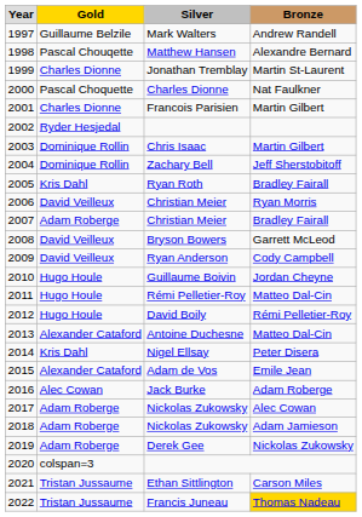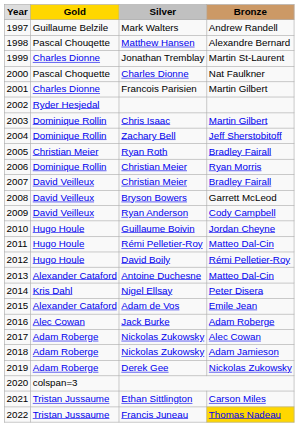 <table class="wikitable" style="text-align:left;">
 <tr>
 <td style="background:#DDDDDD; font-weight:bold; text-align:center;">Year</td>
 <td style="background:gold; font-weight:bold; text-align:center;">Gold</td>
 <td style="background:silver; font-weight:bold; text-align:center;">Silver</td>
 <td style="background:#cc9966; font-weight:bold; text-align:center;">Bronze</td>
 </tr>
 <tr>
 <td>1997</td>
 <td>Guillaume Belzile</td>
 <td>Mark Walters</td>
 <td>Andrew Randell</td>
 </tr>
 <tr>
 <td>1998</td>
 <td>Pascal Chouqette</td>
 <td><a href='#'>Matthew Hansen</a></td>
 <td>Alexandre Bernard</td>
 </tr>
 <tr>
 <td>1999</td>
 <td><a href='#'>Charles Dionne</a></td>
 <td>Jonathan Tremblay</td>
 <td>Martin St-Laurent</td>
 </tr>
 <tr>
 <td>2000</td>
 <td>Pascal Choquette</td>
 <td><a href='#'>Charles Dionne</a></td>
 <td>Nat Faulkner</td>
 </tr>
 <tr>
 <td>2001</td>
 <td><a href='#'>Charles Dionne</a></td>
 <td>Francois Parisien</td>
 <td>Martin Gilbert</td>
 </tr>
 <tr>
 <td>2002</td>
 <td><a href='#'>Ryder Hesjedal</a></td>
 <td></td>
 <td></td>
 </tr>
 <tr>
 <td>2003</td>
 <td><a href='#'>Dominique Rollin</a></td>
 <td><a href='#'>Chris Isaac</a></td>
 <td><a href='#'>Martin Gilbert</a></td>
 </tr>
 <tr>
 <td>2004</td>
 <td><a href='#'>Dominique Rollin</a></td>
 <td><a href='#'>Zachary Bell</a></td>
 <td><a href='#'>Jeff Sherstobitoff</a></td>
 </tr>
 <tr>
 <td>2005</td>
-<td><a href='#'>Kris Dahl</a></td>
+<td><a href='#'>Christian Meier</a></td>
 <td><a href='#'>Ryan Roth</a></td>
 <td><a href='#'>Bradley Fairall</a></td>
 </tr>
 <tr>
 <td>2006</td>
-<td><a href='#'>David Veilleux</a></td>
+<td><a href='#'>Dominique Rollin</a></td>
 <td><a href='#'>Christian Meier</a></td>
 <td><a href='#'>Ryan Morris</a></td>
 </tr>
 <tr>
 <td>2007</td>
-<td><a href='#'>Adam Roberge</a></td>
+<td><a href='#'>David Veilleux</a></td>
 <td><a href='#'>Christian Meier</a></td>
 <td><a href='#'>Bradley Fairall</a></td>
 </tr>
 <tr>
 <td>2008</td>
 <td><a href='#'>David Veilleux</a></td>
 <td><a href='#'>Bryson Bowers</a></td>
 <td>Garrett McLeod</td>
 </tr>
 <tr>
 <td>2009</td>
 <td><a href='#'>David Veilleux</a></td>
 <td><a href='#'>Ryan Anderson</a></td>
 <td><a href='#'>Cody Campbell</a></td>
 </tr>
 <tr>
 <td>2010</td>
 <td><a href='#'>Hugo Houle</a></td>
 <td><a href='#'>Guillaume Boivin</a></td>
 <td><a href='#'>Jordan Cheyne</a></td>
 </tr>
 <tr>
 <td>2011</td>
 <td><a href='#'>Hugo Houle</a></td>
 <td><a href='#'>Rémi Pelletier-Roy</a></td>
 <td><a href='#'>Matteo Dal-Cin</a></td>
 </tr>
 <tr>
 <td>2012</td>
 <td><a href='#'>Hugo Houle</a></td>
 <td><a href='#'>David Boily</a></td>
 <td><a href='#'>Rémi Pelletier-Roy</a></td>
 </tr>
 <tr>
 <td>2013</td>
 <td><a href='#'>Alexander Cataford</a></td>
 <td><a href='#'>Antoine Duchesne</a></td>
 <td><a href='#'>Matteo Dal-Cin</a></td>
 </tr>
 <tr>
 <td>2014</td>
 <td><a href='#'>Kris Dahl</a></td>
 <td><a href='#'>Nigel Ellsay</a></td>
 <td><a href='#'>Peter Disera</a></td>
 </tr>
 <tr>
 <td>2015</td>
 <td><a href='#'>Alexander Cataford</a></td>
 <td><a href='#'>Adam de Vos</a></td>
 <td><a href='#'>Emile Jean</a></td>
 </tr>
 <tr>
 <td>2016</td>
 <td><a href='#'>Alec Cowan</a></td>
 <td><a href='#'>Jack Burke</a></td>
 <td><a href='#'>Adam Roberge</a></td>
 </tr>
 <tr>
 <td>2017</td>
 <td><a href='#'>Adam Roberge</a></td>
 <td><a href='#'>Nickolas Zukowsky</a></td>
 <td><a href='#'>Alec Cowan</a></td>
 </tr>
 <tr>
 <td>2018</td>
 <td><a href='#'>Adam Roberge</a></td>
 <td><a href='#'>Nickolas Zukowsky</a></td>
 <td><a href='#'>Adam Jamieson</a></td>
 </tr>
 <tr>
 <td>2019</td>
 <td><a href='#'>Adam Roberge</a></td>
 <td><a href='#'>Derek Gee</a></td>
 <td><a href='#'>Nickolas Zukowsky</a></td>
 </tr>
 <tr>
 <td>2020</td>
 <td>colspan=3 </td>
 </tr>
 <tr>
 <td>2021</td>
 <td><a href='#'>Tristan Jussaume</a></td>
 <td><a href='#'>Ethan Sittlington</a></td>
 <td><a href='#'>Carson Miles</a></td>
 </tr>
 <tr>
 <td>2022</td>
 <td><a href='#'>Tristan Jussaume</a></td>
 <td><a href='#'>Francis Juneau</a></td>
 <td style="background: gold;"><a href='#'>Thomas Nadeau</a></td>
 </tr>
 </table>
